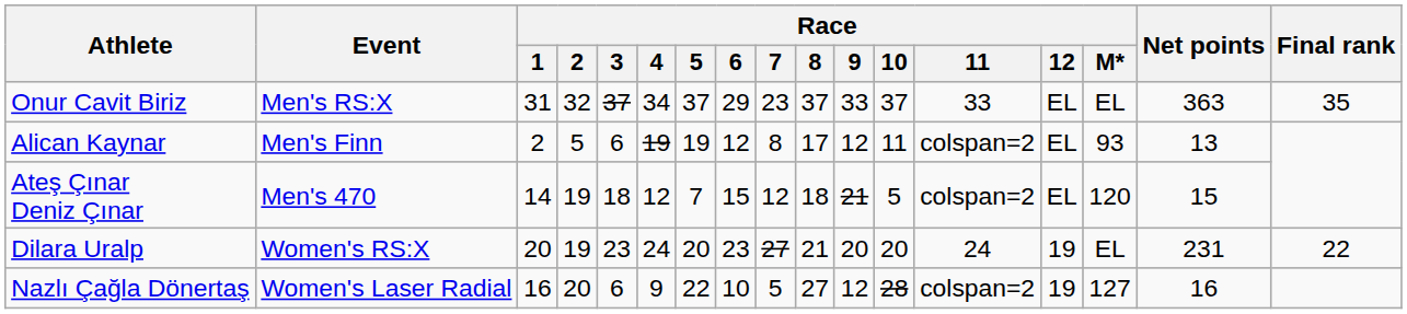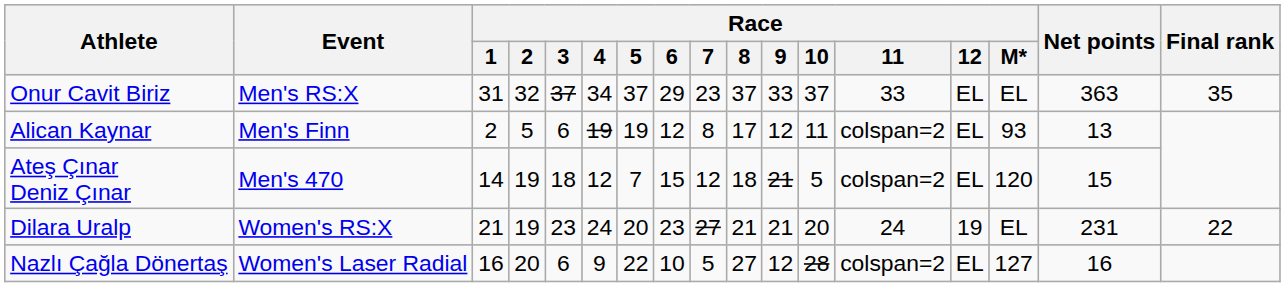 <table class="wikitable" style="font-size:90%">
 <tr>
 <th rowspan="2">Athlete</th>
 <th rowspan="2">Event</th>
 <th colspan=13>Race</th>
 <th rowspan=2>Net points</th>
 <th rowspan=2>Final rank</th>
 </tr>
 <tr style="font-size:95%">
 <th>1</th>
 <th>2</th>
 <th>3</th>
 <th>4</th>
 <th>5</th>
 <th>6</th>
 <th>7</th>
 <th>8</th>
 <th>9</th>
 <th>10</th>
 <th>11</th>
 <th>12</th>
 <th>M*</th>
 </tr>
 <tr align=center>
 <td align=left><a href='#'>Onur Cavit Biriz</a></td>
 <td align=left><a href='#'>Men's RS:X</a></td>
 <td>31</td>
 <td>32</td>
 <td><s>37</s></td>
 <td>34</td>
 <td>37</td>
 <td>29</td>
 <td>23</td>
 <td>37</td>
 <td>33</td>
 <td>37</td>
 <td>33</td>
 <td>EL</td>
 <td>EL</td>
 <td>363</td>
 <td>35</td>
 </tr>
 <tr align=center>
 <td align=left><a href='#'>Alican Kaynar</a></td>
 <td align=left><a href='#'>Men's Finn</a></td>
 <td>2</td>
 <td>5</td>
 <td>6</td>
 <td><s>19</s></td>
 <td>19</td>
 <td>12</td>
 <td>8</td>
 <td>17</td>
 <td>12</td>
 <td>11</td>
 <td>colspan=2 </td>
 <td>EL</td>
 <td>93</td>
 <td>13</td>
 </tr>
 <tr align=center>
 <td align=left><a href='#'>Ateş Çınar</a><br><a href='#'>Deniz Çınar</a></td>
 <td align=left><a href='#'>Men's 470</a></td>
 <td>14</td>
 <td>19</td>
 <td>18</td>
 <td>12</td>
 <td>7</td>
 <td>15</td>
 <td>12</td>
 <td>18</td>
 <td><s>21</s></td>
 <td>5</td>
 <td>colspan=2 </td>
 <td>EL</td>
 <td>120</td>
 <td>15</td>
 </tr>
 <tr align=center>
 <td align=left><a href='#'>Dilara Uralp</a></td>
 <td align=left><a href='#'>Women's RS:X</a></td>
-<td>20</td>
+<td>21</td>
 <td>19</td>
 <td>23</td>
 <td>24</td>
 <td>20</td>
 <td>23</td>
 <td><s>27</s></td>
 <td>21</td>
-<td>20</td>
+<td>21</td>
 <td>20</td>
 <td>24</td>
 <td>19</td>
 <td>EL</td>
 <td>231</td>
 <td>22</td>
 </tr>
 <tr align=center>
 <td align=left><a href='#'>Nazlı Çağla Dönertaş</a></td>
 <td align=left><a href='#'>Women's Laser Radial</a></td>
 <td>16</td>
 <td>20</td>
 <td>6</td>
 <td>9</td>
 <td>22</td>
 <td>10</td>
 <td>5</td>
 <td>27</td>
 <td>12</td>
 <td><s>28</s></td>
 <td>colspan=2 </td>
-<td>19</td>
+<td>EL</td>
 <td>127</td>
 <td>16</td>
 </tr>
 </table>
